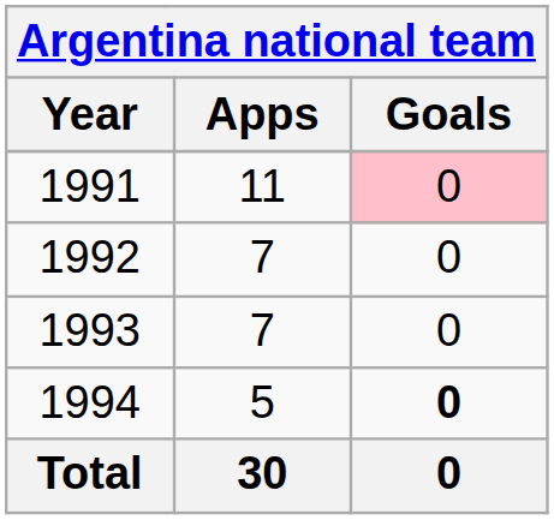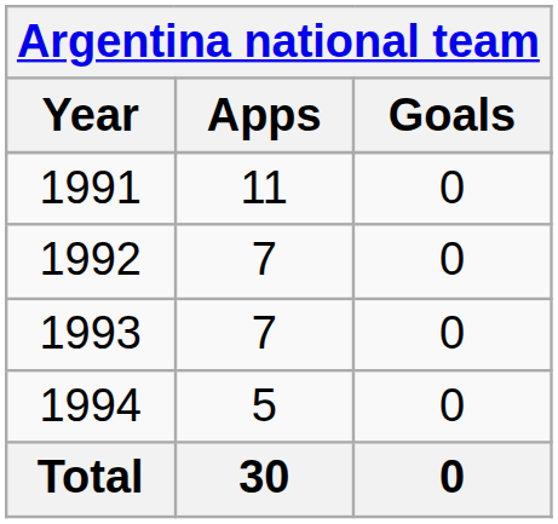 <table class="wikitable" style="text-align:center">
 <tr>
 <th colspan=3><a href='#'>Argentina national team</a></th>
 </tr>
 <tr>
 <th>Year</th>
 <th>Apps</th>
 <th>Goals</th>
 </tr>
 <tr>
 </tr>
 <tr>
 <td>1991</td>
 <td>11</td>
-<td style="background: pink;">0</td>
+<td>0</td>
 </tr>
 <tr>
 <td>1992</td>
 <td>7</td>
 <td>0</td>
 </tr>
 <tr>
 <td>1993</td>
 <td>7</td>
 <td>0</td>
 </tr>
 <tr>
 <td>1994</td>
 <td>5</td>
-<td><strong>0</strong></td>
+<td>0</td>
 </tr>
 <tr>
 <th>Total</th>
 <th>30</th>
 <th>0</th>
 </tr>
 </table>
